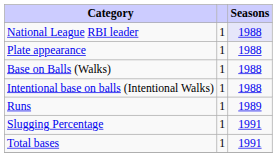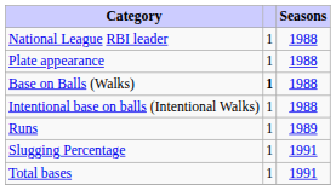 <table class="wikitable">
 <tr>
 <th style="background:#ccf;">Category</th>
 <th style="background:#ccf;"></th>
 <th style="background:#ccf;">Seasons</th>
 </tr>
 <tr>
 <td><a href='#'>National League</a> <a href='#'>RBI leader</a></td>
 <td style="text-align:center;">1</td>
-<td style="background: lavender; text-align:center;"><a href='#'>1988</a></td>
+<td style="text-align:center;"><a href='#'>1988</a></td>
 </tr>
 <tr>
 <td><a href='#'>Plate appearance</a></td>
 <td style="text-align:center;">1</td>
 <td style="text-align:center;"><a href='#'>1988</a></td>
 </tr>
 <tr>
 <td><a href='#'>Base on Balls</a> (Walks)</td>
-<td style="text-align:center;">1</td>
+<td style="text-align:center;"><strong>1</strong></td>
 <td style="text-align:center;"><a href='#'>1988</a></td>
 </tr>
 <tr>
 <td><a href='#'>Intentional base on balls</a> (Intentional Walks)</td>
 <td style="text-align:center;">1</td>
 <td style="text-align:center;"><a href='#'>1988</a></td>
 </tr>
 <tr>
 <td><a href='#'>Runs</a></td>
 <td style="text-align:center;">1</td>
 <td style="text-align:center;"><a href='#'>1989</a></td>
 </tr>
 <tr>
 <td><a href='#'>Slugging Percentage</a></td>
 <td style="text-align:center;">1</td>
 <td style="text-align:center;"><a href='#'>1991</a></td>
 </tr>
 <tr>
 <td><a href='#'>Total bases</a></td>
 <td style="text-align:center;">1</td>
 <td style="text-align:center;"><a href='#'>1991</a></td>
 </tr>
 <tr>
 </tr>
 </table>
